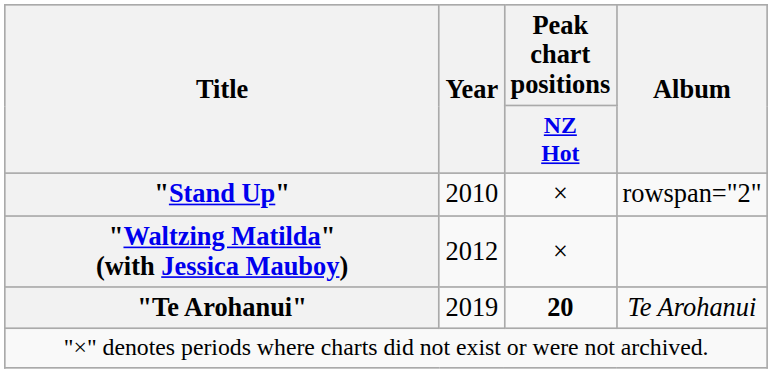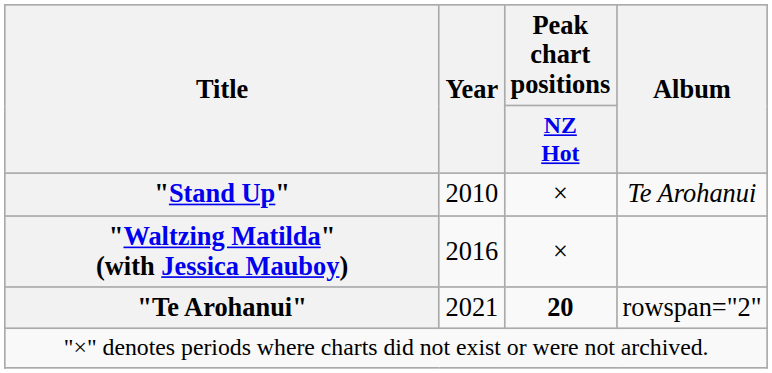 <table class="wikitable plainrowheaders" style="text-align:center;">
 <tr>
 <th scope="col" rowspan="2" style="width:16em;">Title</th>
 <th scope="col" rowspan="2">Year</th>
 <th scope="col" colspan="1">Peak chart positions</th>
 <th scope="col" rowspan="2">Album</th>
 </tr>
 <tr>
 <th scope="col" style="width:3em;font-size:90%;"><a href='#'>NZ<br>Hot</a><br></th>
 </tr>
 <tr>
 <th scope="row">"<a href='#'>Stand Up</a>"</th>
 <td>2010</td>
 <td>×</td>
-<td>rowspan="2" </td>
+<td><em>Te Arohanui</em></td>
 </tr>
 <tr>
 <th scope="row">"<a href='#'>Waltzing Matilda</a>"<br><span>(with <a href='#'>Jessica Mauboy</a>)</span></th>
-<td>2012</td>
+<td>2016</td>
 <td>×</td>
 </tr>
 <tr>
 <th scope="row">"Te Arohanui"</th>
-<td>2019</td>
+<td>2021</td>
 <td><strong>20</strong></td>
-<td><em>Te Arohanui</em></td>
+<td>rowspan="2" </td>
 </tr>
 <tr>
 <td colspan="14" style="font-size:90%">"×" denotes periods where charts did not exist or were not archived.</td>
 </tr>
 </table>
